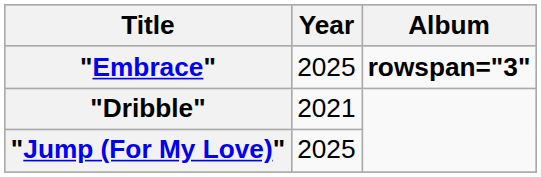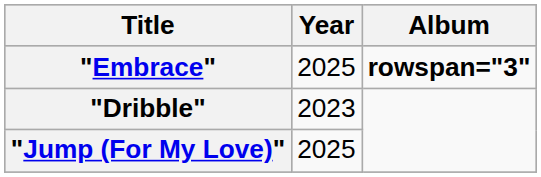 <table class="wikitable plainrowheaders" style="text-align:center;">
 <tr>
 <th>Title</th>
 <th>Year</th>
 <th>Album</th>
 </tr>
 <tr>
 <th scope="row">"<a href='#'>Embrace</a>"<br></th>
 <td>2025</td>
 <td><strong>rowspan="3" </strong></td>
 </tr>
 <tr>
 <th scope="row">"Dribble"<br></th>
-<td>2021</td>
+<td>2023</td>
 </tr>
 <tr>
 <th scope="row">"<a href='#'>Jump (For My Love)</a>"<br></th>
 <td>2025</td>
 </tr>
 </table>
